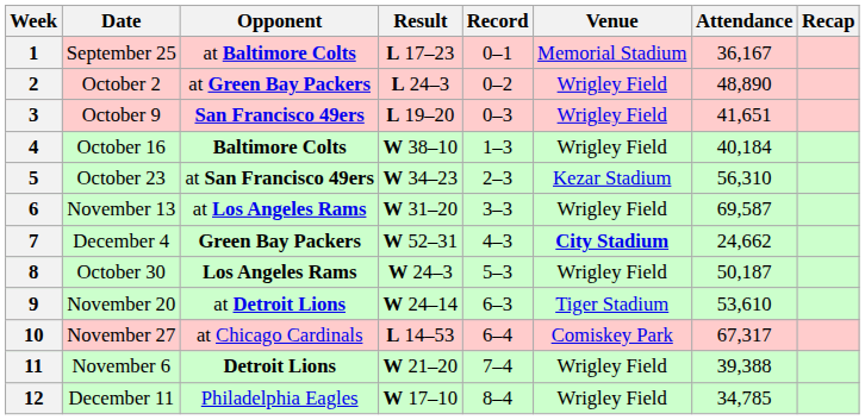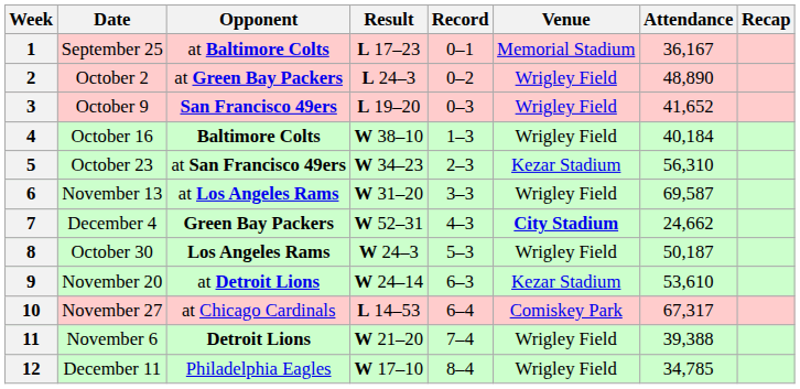 <table class="wikitable" style="text-align:center">
 <tr>
 <th>Week</th>
 <th>Date</th>
 <th>Opponent</th>
 <th>Result</th>
 <th>Record</th>
 <th>Venue</th>
 <th>Attendance</th>
 <th>Recap</th>
 </tr>
 <tr style="background:#fcc">
 <th>1</th>
 <td>September 25</td>
 <td>at <strong><a href='#'>Baltimore Colts</a></strong></td>
 <td><strong>L</strong> 17–23</td>
 <td>0–1</td>
 <td><a href='#'>Memorial Stadium</a></td>
 <td>36,167</td>
 <td></td>
 </tr>
 <tr style="background:#fcc">
 <th>2</th>
 <td>October 2</td>
 <td>at <strong><a href='#'>Green Bay Packers</a></strong></td>
 <td><strong>L</strong> 24–3</td>
 <td>0–2</td>
 <td><a href='#'>Wrigley Field</a></td>
 <td>48,890</td>
 <td></td>
 </tr>
 <tr style="background:#fcc">
 <th>3</th>
 <td>October 9</td>
 <td><strong><a href='#'>San Francisco 49ers</a></strong></td>
 <td><strong>L</strong> 19–20</td>
 <td>0–3</td>
 <td><a href='#'>Wrigley Field</a></td>
-<td>41,651</td>
+<td>41,652</td>
 <td></td>
 </tr>
 <tr style="background:#cfc">
 <th>4</th>
 <td>October 16</td>
 <td><strong>Baltimore Colts</strong></td>
 <td><strong>W</strong> 38–10</td>
 <td>1–3</td>
 <td>Wrigley Field</td>
 <td>40,184</td>
 <td></td>
 </tr>
 <tr style="background:#cfc">
 <th>5</th>
 <td>October 23</td>
 <td>at <strong>San Francisco 49ers</strong></td>
 <td><strong>W</strong> 34–23</td>
 <td>2–3</td>
 <td><a href='#'>Kezar Stadium</a></td>
 <td>56,310</td>
 <td></td>
 </tr>
 <tr style="background:#cfc">
 <th>6</th>
 <td>November 13</td>
 <td>at <strong><a href='#'>Los Angeles Rams</a></strong></td>
 <td><strong>W</strong> 31–20</td>
 <td>3–3</td>
 <td>Wrigley Field</td>
 <td>69,587</td>
 <td></td>
 </tr>
 <tr style="background:#cfc">
 <th>7</th>
 <td>December 4</td>
 <td><strong>Green Bay Packers</strong></td>
 <td><strong>W</strong> 52–31</td>
 <td>4–3</td>
 <td><strong><a href='#'>City Stadium</a></strong></td>
 <td>24,662</td>
 <td></td>
 </tr>
 <tr style="background:#cfc">
 <th>8</th>
 <td>October 30</td>
 <td><strong>Los Angeles Rams</strong></td>
 <td><strong>W</strong> 24–3</td>
 <td>5–3</td>
 <td>Wrigley Field</td>
 <td>50,187</td>
 <td></td>
 </tr>
 <tr style="background:#cfc">
 <th>9</th>
 <td>November 20</td>
 <td>at <strong><a href='#'>Detroit Lions</a></strong></td>
 <td><strong>W</strong> 24–14</td>
 <td>6–3</td>
-<td><a href='#'>Tiger Stadium</a></td>
+<td><a href='#'>Kezar Stadium</a></td>
 <td>53,610</td>
 <td></td>
 </tr>
 <tr style="background:#fcc">
 <th>10</th>
 <td>November 27</td>
 <td>at <a href='#'>Chicago Cardinals</a></td>
 <td><strong>L</strong> 14–53</td>
 <td>6–4</td>
 <td><a href='#'>Comiskey Park</a></td>
 <td>67,317</td>
 <td></td>
 </tr>
 <tr style="background:#cfc">
 <th>11</th>
 <td>November 6</td>
 <td><strong>Detroit Lions</strong></td>
 <td><strong>W</strong> 21–20</td>
 <td>7–4</td>
 <td>Wrigley Field</td>
 <td>39,388</td>
 <td></td>
 </tr>
 <tr style="background:#cfc">
 <th>12</th>
 <td>December 11</td>
 <td><a href='#'>Philadelphia Eagles</a></td>
 <td><strong>W</strong> 17–10</td>
 <td>8–4</td>
 <td>Wrigley Field</td>
 <td>34,785</td>
 <td></td>
 </tr>
 </table>
